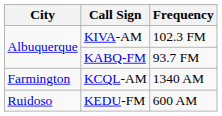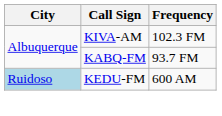 <table class="wikitable">
 <tr>
 <th>City</th>
 <th>Call Sign</th>
 <th>Frequency</th>
 </tr>
 <tr>
 <td rowspan=2><a href='#'>Albuquerque</a></td>
 <td><a href='#'>KIVA</a>-AM</td>
 <td>102.3 FM</td>
 </tr>
 <tr>
 <td><a href='#'>KABQ-FM</a></td>
 <td>93.7 FM</td>
 </tr>
 <tr>
-<td><a href='#'>Farmington</a></td>
-<td><a href='#'>KCQL</a>-AM</td>
-<td>1340 AM</td>
-</tr>
-<tr>
-<td><a href='#'>Ruidoso</a></td>
+<td style="background: lightblue;"><a href='#'>Ruidoso</a></td>
 <td><a href='#'>KEDU</a>-FM</td>
 <td>600 AM</td>
 </tr>
 </table>
